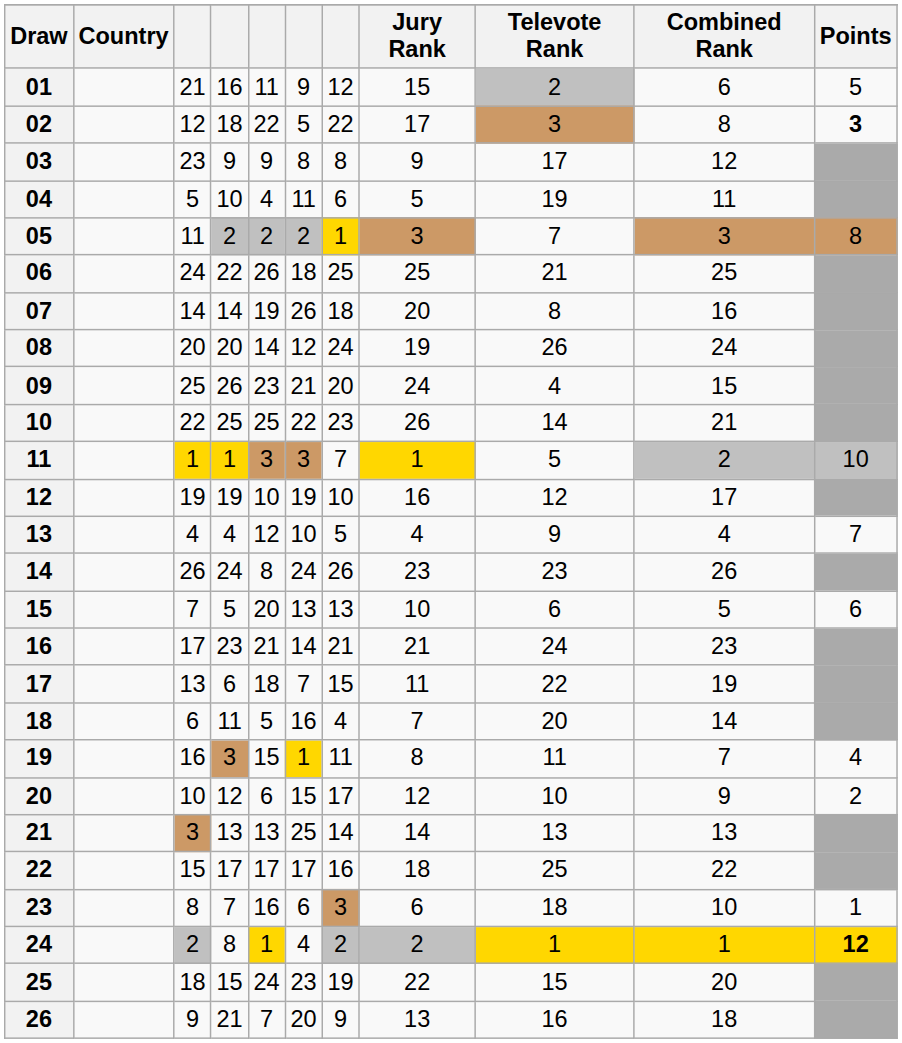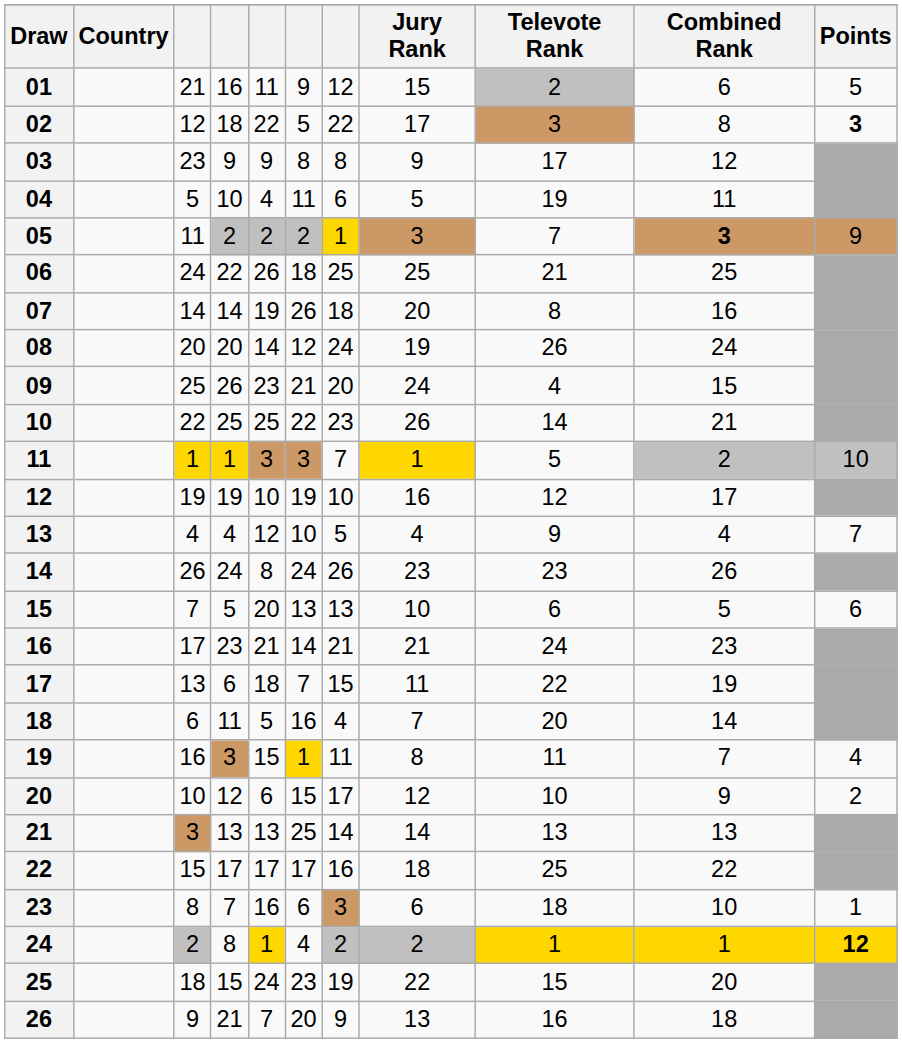 <table class="sortable wikitable collapsible plainrowheaders" style="text-align:center;">
 <tr>
 </tr>
 <tr>
 <th scope="col">Draw</th>
 <th scope="col">Country</th>
 <th scope="col"><small></small></th>
 <th scope="col"><small></small></th>
 <th scope="col"><small></small></th>
 <th scope="col"><small></small></th>
 <th scope="col"><small></small></th>
 <th scope="col">Jury Rank</th>
 <th scope="col">Televote Rank</th>
 <th scope="col">Combined Rank</th>
 <th scope="col">Points</th>
 </tr>
 <tr>
 <th scope="row" style="text-align:center;">01</th>
 <td style="text-align:left;"></td>
 <td>21</td>
 <td>16</td>
 <td>11</td>
 <td>9</td>
 <td>12</td>
 <td>15</td>
 <td style="background:silver;">2</td>
 <td>6</td>
 <td>5</td>
 </tr>
 <tr>
 <th scope="row" style="text-align:center;">02</th>
 <td style="text-align:left;"></td>
 <td>12</td>
 <td>18</td>
 <td>22</td>
 <td>5</td>
 <td>22</td>
 <td>17</td>
 <td style="background:#CC9966;">3</td>
 <td>8</td>
 <td><strong>3</strong></td>
 </tr>
 <tr>
 <th scope="row" style="text-align:center;">03</th>
 <td style="text-align:left;"></td>
 <td>23</td>
 <td>9</td>
 <td>9</td>
 <td>8</td>
 <td>8</td>
 <td>9</td>
 <td>17</td>
 <td>12</td>
 <td style="background:#AAAAAA;"></td>
 </tr>
 <tr>
 <th scope="row" style="text-align:center;">04</th>
 <td style="text-align:left;"></td>
 <td>5</td>
 <td>10</td>
 <td>4</td>
 <td>11</td>
 <td>6</td>
 <td>5</td>
 <td>19</td>
 <td>11</td>
 <td style="background:#AAAAAA;"></td>
 </tr>
 <tr>
 <th scope="row" style="text-align:center;">05</th>
 <td style="text-align:left;"></td>
 <td>11</td>
 <td style="background:silver;">2</td>
 <td style="background:silver;">2</td>
 <td style="background:silver;">2</td>
 <td style="background:gold;">1</td>
 <td style="background:#CC9966;">3</td>
 <td>7</td>
-<td style="background:#CC9966;">3</td>
-<td style="background:#CC9966;">8</td>
+<td style="background:#CC9966;"><strong>3</strong></td>
+<td style="background:#CC9966;">9</td>
 </tr>
 <tr>
 <th scope="row" style="text-align:center;">06</th>
 <td style="text-align:left;"></td>
 <td>24</td>
 <td>22</td>
 <td>26</td>
 <td>18</td>
 <td>25</td>
 <td>25</td>
 <td>21</td>
 <td>25</td>
 <td style="background:#AAAAAA;"></td>
 </tr>
 <tr>
 <th scope="row" style="text-align:center;">07</th>
 <td style="text-align:left;"></td>
 <td>14</td>
 <td>14</td>
 <td>19</td>
 <td>26</td>
 <td>18</td>
 <td>20</td>
 <td>8</td>
 <td>16</td>
 <td style="background:#AAAAAA;"></td>
 </tr>
 <tr>
 <th scope="row" style="text-align:center;">08</th>
 <td style="text-align:left;"></td>
 <td>20</td>
 <td>20</td>
 <td>14</td>
 <td>12</td>
 <td>24</td>
 <td>19</td>
 <td>26</td>
 <td>24</td>
 <td style="background:#AAAAAA;"></td>
 </tr>
 <tr>
 <th scope="row" style="text-align:center;">09</th>
 <td style="text-align:left;"></td>
 <td>25</td>
 <td>26</td>
 <td>23</td>
 <td>21</td>
 <td>20</td>
 <td>24</td>
 <td>4</td>
 <td>15</td>
 <td style="background:#AAAAAA;"></td>
 </tr>
 <tr>
 <th scope="row" style="text-align:center;">10</th>
 <td style="text-align:left;"></td>
 <td>22</td>
 <td>25</td>
 <td>25</td>
 <td>22</td>
 <td>23</td>
 <td>26</td>
 <td>14</td>
 <td>21</td>
 <td style="background:#AAAAAA;"></td>
 </tr>
 <tr>
 <th scope="row" style="text-align:center;">11</th>
 <td style="text-align:left;"></td>
 <td style="background:gold;">1</td>
 <td style="background:gold;">1</td>
 <td style="background:#CC9966;">3</td>
 <td style="background:#CC9966;">3</td>
 <td>7</td>
 <td style="background:gold;">1</td>
 <td>5</td>
 <td style="background:silver;">2</td>
 <td style="background:silver;">10</td>
 </tr>
 <tr>
 <th scope="row" style="text-align:center;">12</th>
 <td style="text-align:left;"></td>
 <td>19</td>
 <td>19</td>
 <td>10</td>
 <td>19</td>
 <td>10</td>
 <td>16</td>
 <td>12</td>
 <td>17</td>
 <td style="background:#AAAAAA;"></td>
 </tr>
 <tr>
 <th scope="row" style="text-align:center;">13</th>
 <td style="text-align:left;"></td>
 <td>4</td>
 <td>4</td>
 <td>12</td>
 <td>10</td>
 <td>5</td>
 <td>4</td>
 <td>9</td>
 <td>4</td>
 <td>7</td>
 </tr>
 <tr>
 <th scope="row" style="text-align:center;">14</th>
 <td style="text-align:left;"></td>
 <td>26</td>
 <td>24</td>
 <td>8</td>
 <td>24</td>
 <td>26</td>
 <td>23</td>
 <td>23</td>
 <td>26</td>
 <td style="background:#AAAAAA;"></td>
 </tr>
 <tr>
 <th scope="row" style="text-align:center;">15</th>
 <td style="text-align:left;"></td>
 <td>7</td>
 <td>5</td>
 <td>20</td>
 <td>13</td>
 <td>13</td>
 <td>10</td>
 <td>6</td>
 <td>5</td>
 <td>6</td>
 </tr>
 <tr>
 <th scope="row" style="text-align:center;">16</th>
 <td style="text-align:left;"></td>
 <td>17</td>
 <td>23</td>
 <td>21</td>
 <td>14</td>
 <td>21</td>
 <td>21</td>
 <td>24</td>
 <td>23</td>
 <td style="background:#AAAAAA;"></td>
 </tr>
 <tr>
 <th scope="row" style="text-align:center;">17</th>
 <td style="text-align:left;"></td>
 <td>13</td>
 <td>6</td>
 <td>18</td>
 <td>7</td>
 <td>15</td>
 <td>11</td>
 <td>22</td>
 <td>19</td>
 <td style="background:#AAAAAA;"></td>
 </tr>
 <tr>
 <th scope="row" style="text-align:center;">18</th>
 <td style="text-align:left;"></td>
 <td>6</td>
 <td>11</td>
 <td>5</td>
 <td>16</td>
 <td>4</td>
 <td>7</td>
 <td>20</td>
 <td>14</td>
 <td style="background:#AAAAAA;"></td>
 </tr>
 <tr>
 <th scope="row" style="text-align:center;">19</th>
 <td style="text-align:left;"></td>
 <td>16</td>
 <td style="background:#CC9966;">3</td>
 <td>15</td>
 <td style="background:gold;">1</td>
 <td>11</td>
 <td>8</td>
 <td>11</td>
 <td>7</td>
 <td>4</td>
 </tr>
 <tr>
 <th scope="row" style="text-align:center;">20</th>
 <td style="text-align:left;"></td>
 <td>10</td>
 <td>12</td>
 <td>6</td>
 <td>15</td>
 <td>17</td>
 <td>12</td>
 <td>10</td>
 <td>9</td>
 <td>2</td>
 </tr>
 <tr>
 <th scope="row" style="text-align:center;">21</th>
 <td style="text-align:left;"></td>
 <td style="background:#CC9966;">3</td>
 <td>13</td>
 <td>13</td>
 <td>25</td>
 <td>14</td>
 <td>14</td>
 <td>13</td>
 <td>13</td>
 <td style="background:#AAAAAA;"></td>
 </tr>
 <tr>
 <th scope="row" style="text-align:center;">22</th>
 <td style="text-align:left;"></td>
 <td>15</td>
 <td>17</td>
 <td>17</td>
 <td>17</td>
 <td>16</td>
 <td>18</td>
 <td>25</td>
 <td>22</td>
 <td style="background:#AAAAAA;"></td>
 </tr>
 <tr>
 <th scope="row" style="text-align:center;">23</th>
 <td style="text-align:left;"></td>
 <td>8</td>
 <td>7</td>
 <td>16</td>
 <td>6</td>
 <td style="background:#CC9966;">3</td>
 <td>6</td>
 <td>18</td>
 <td>10</td>
 <td>1</td>
 </tr>
 <tr>
 <th scope="row" style="text-align:center;">24</th>
 <td style="text-align:left;"></td>
 <td style="background:silver;">2</td>
 <td>8</td>
 <td style="background:gold;">1</td>
 <td>4</td>
 <td style="background:silver;">2</td>
 <td style="background:silver;">2</td>
 <td style="background:gold;">1</td>
 <td style="background:gold;">1</td>
 <td style="background:gold;"><strong>12</strong></td>
 </tr>
 <tr>
 <th scope="row" style="text-align:center;">25</th>
 <td style="text-align:left;"></td>
 <td>18</td>
 <td>15</td>
 <td>24</td>
 <td>23</td>
 <td>19</td>
 <td>22</td>
 <td>15</td>
 <td>20</td>
 <td style="background:#AAAAAA;"></td>
 </tr>
 <tr>
 <th scope="row" style="text-align:center;">26</th>
 <td style="text-align:left;"></td>
 <td>9</td>
 <td>21</td>
 <td>7</td>
 <td>20</td>
 <td>9</td>
 <td>13</td>
 <td>16</td>
 <td>18</td>
 <td style="background:#AAAAAA;"></td>
 </tr>
 </table>
